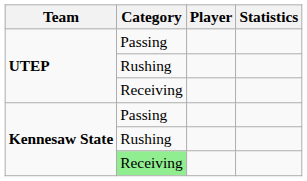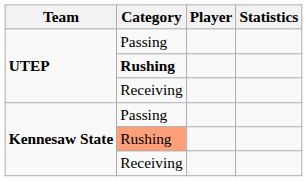 <table class="wikitable" style="float: right;">
 <tr>
 <th>Team</th>
 <th>Category</th>
 <th>Player</th>
 <th>Statistics</th>
 </tr>
 <tr>
 <td rowspan=3><strong>UTEP</strong></td>
 <td>Passing</td>
 <td></td>
 <td></td>
 </tr>
 <tr>
-<td>Rushing</td>
+<td><strong>Rushing</strong></td>
 <td></td>
 <td></td>
 </tr>
 <tr>
 <td>Receiving</td>
 <td></td>
 <td></td>
 </tr>
 <tr>
 <td rowspan=3><strong>Kennesaw State</strong></td>
 <td>Passing</td>
 <td></td>
 <td></td>
 </tr>
 <tr>
-<td>Rushing</td>
+<td style="background: lightsalmon;">Rushing</td>
 <td></td>
 <td></td>
 </tr>
 <tr>
-<td style="background: lightgreen;">Receiving</td>
+<td>Receiving</td>
 <td></td>
 <td></td>
 </tr>
 </table>
